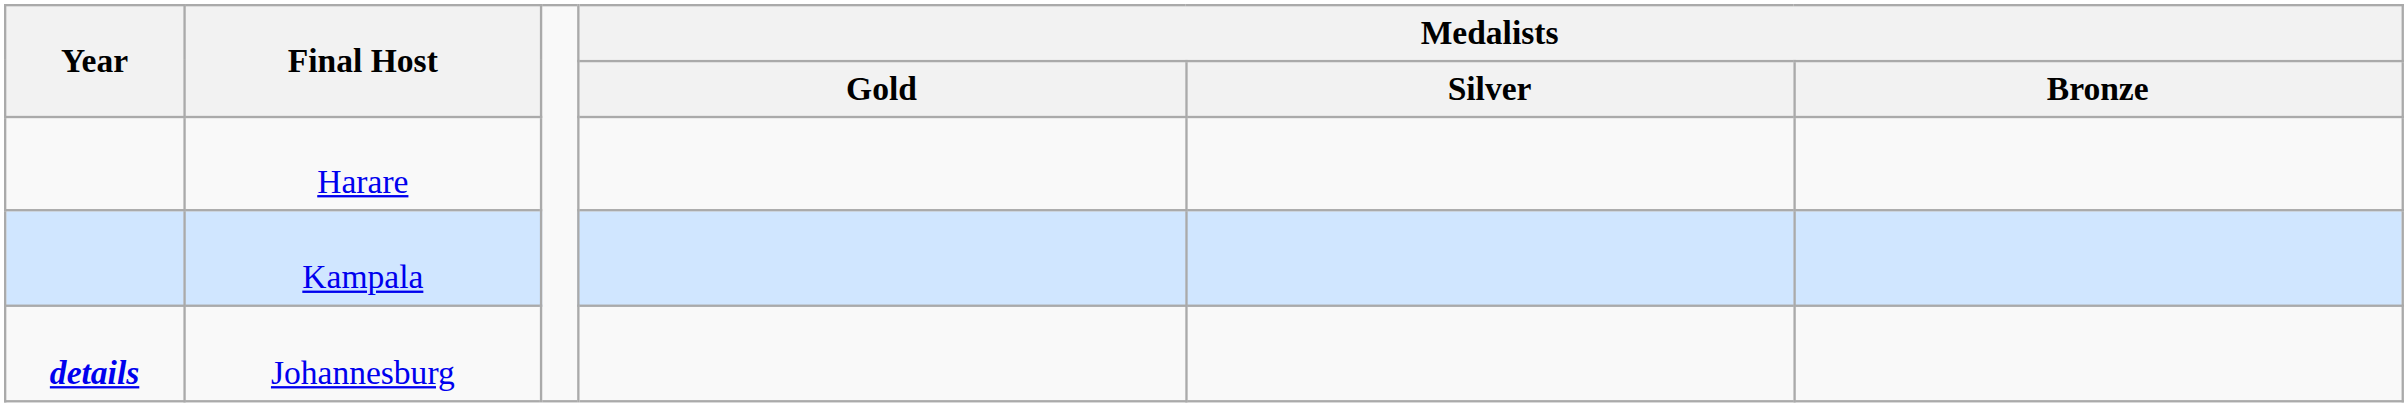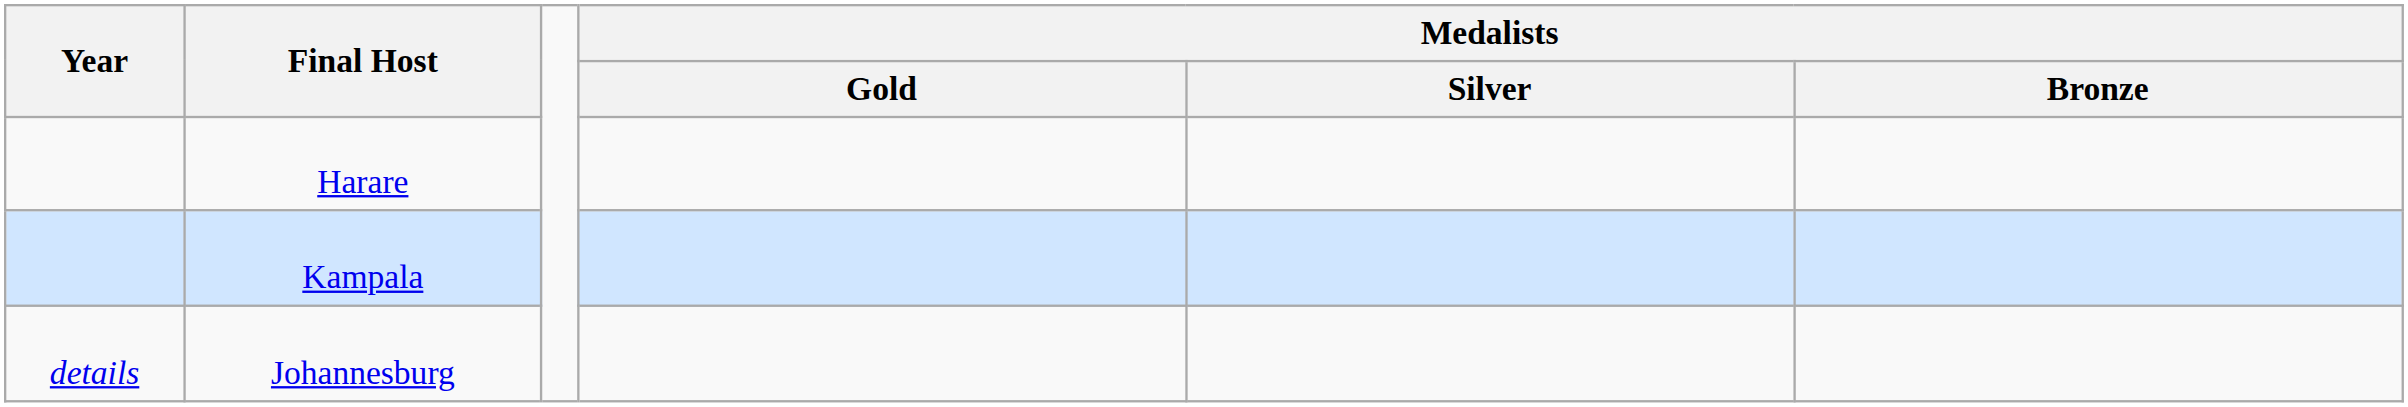 <table class="wikitable" style="font-size:90%; width:65%; text-align: center;">
 <tr>
 <th rowspan="2" style="width:5%;">Year</th>
 <th rowspan="2" style="width:10%;">Final Host</th>
 <td rowspan="50" style="width:1%; border-top:none; border-bottom:none;"></td>
 <th colspan=5>Medalists</th>
 </tr>
 <tr>
 <th width=17%>Gold</th>
 <th colspan="2" style="width:17%;">Silver</th>
 <th colspan="2" style="width:17%;">Bronze</th>
 </tr>
 <tr>
 <td></td>
 <td><br><a href='#'>Harare</a></td>
 <td><strong></strong></td>
 <td colspan=2></td>
 <td colspan=2></td>
 </tr>
 <tr style="background: #D0E6FF;">
 <td></td>
 <td><br><a href='#'>Kampala</a></td>
 <td><strong></strong></td>
 <td colspan=2></td>
 <td colspan=2></td>
 </tr>
 <tr>
-<td><strong><br><em><a href='#'>details</a></em></strong></td>
+<td><br><em><a href='#'>details</a></em></td>
 <td><br><a href='#'>Johannesburg</a></td>
 <td><strong></strong></td>
 <td colspan=2></td>
 <td colspan=2></td>
 </tr>
 </table>
